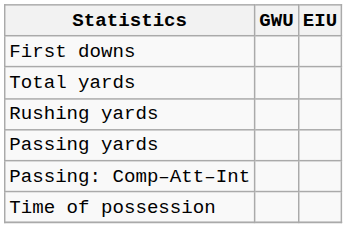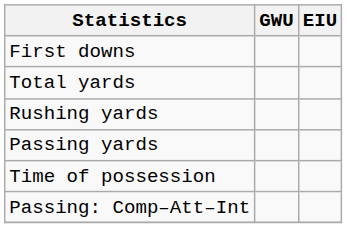 <table class="wikitable" style="float: left;">
 <tr>
 <th>Statistics</th>
 <th>GWU</th>
 <th>EIU</th>
 </tr>
 <tr>
 <td>First downs</td>
 <td></td>
 <td></td>
 </tr>
 <tr>
 <td>Total yards</td>
 <td></td>
 <td></td>
 </tr>
 <tr>
 <td>Rushing yards</td>
 <td></td>
 <td></td>
 </tr>
 <tr>
 <td>Passing yards</td>
 <td></td>
 <td></td>
 </tr>
 <tr>
-<td>Passing: Comp–Att–Int</td>
+<td>Time of possession</td>
 <td></td>
 <td></td>
 </tr>
 <tr>
-<td>Time of possession</td>
+<td>Passing: Comp–Att–Int</td>
 <td></td>
 <td></td>
 </tr>
 <tr>
 </tr>
 </table>
